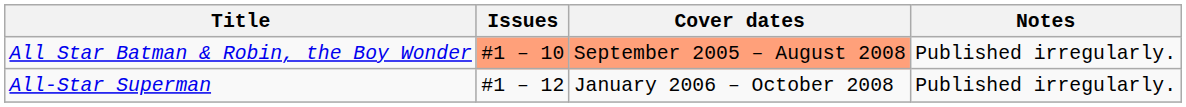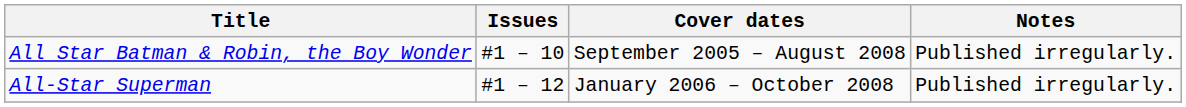 <table class="wikitable">
 <tr>
 <th>Title</th>
 <th>Issues</th>
 <th>Cover dates</th>
 <th>Notes</th>
 </tr>
 <tr>
 <td><em><a href='#'>All Star Batman & Robin, the Boy Wonder</a></em></td>
-<td style="background: lightsalmon;">#1 – 10</td>
-<td style="background: lightsalmon;">September 2005 – August 2008</td>
+<td>#1 – 10</td>
+<td>September 2005 – August 2008</td>
 <td>Published irregularly.</td>
 </tr>
 <tr>
 <td><em><a href='#'>All-Star Superman</a></em></td>
 <td>#1 – 12</td>
 <td>January 2006 – October 2008</td>
 <td>Published irregularly.</td>
 </tr>
 </table>
